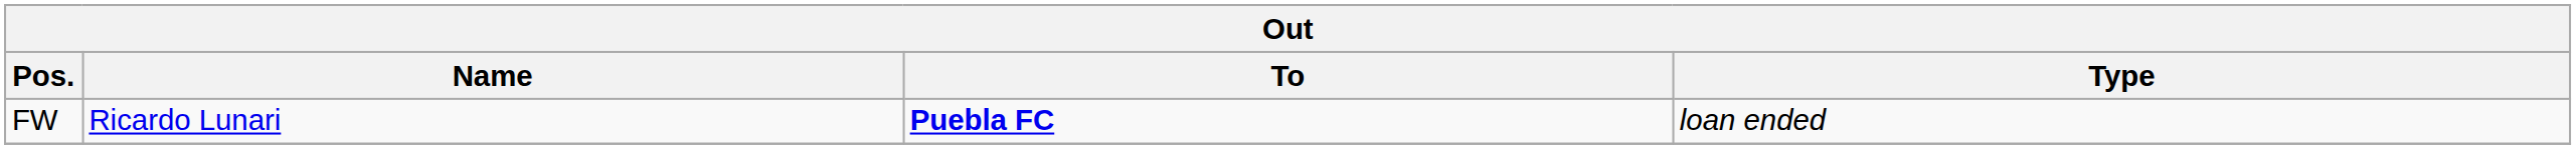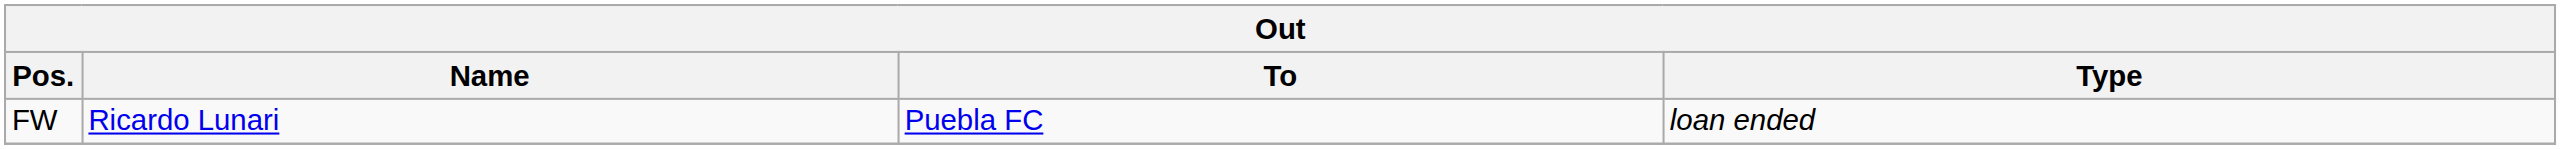 <table class="wikitable" style="font-size:90%;width:99%;">
 <tr>
 <th colspan="4">Out</th>
 </tr>
 <tr>
 <th width=3%>Pos.</th>
 <th width=32%>Name</th>
 <th width=30%>To</th>
 <th width=35%>Type</th>
 </tr>
 <tr>
 <td>FW</td>
 <td><a href='#'>Ricardo Lunari</a></td>
-<td><strong><a href='#'>Puebla FC</a></strong></td>
+<td><a href='#'>Puebla FC</a></td>
 <td><em>loan ended</em></td>
 </tr>
 <tr>
 </tr>
 </table>
